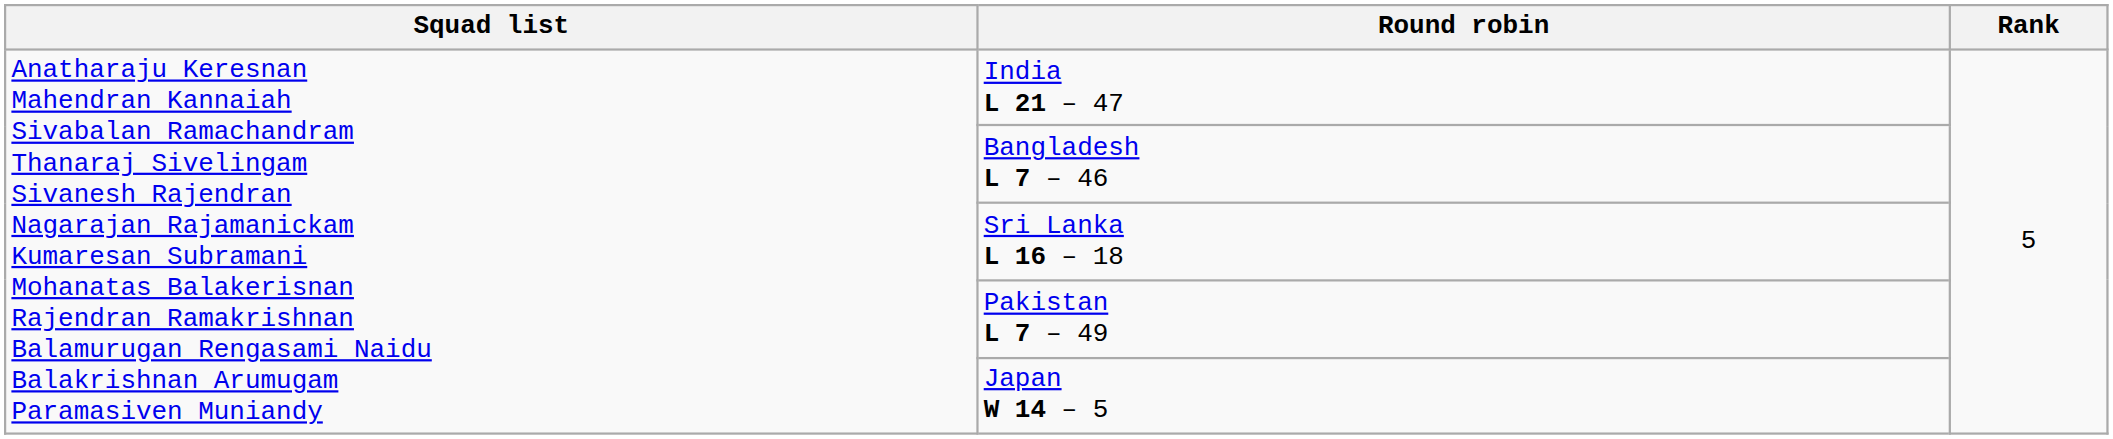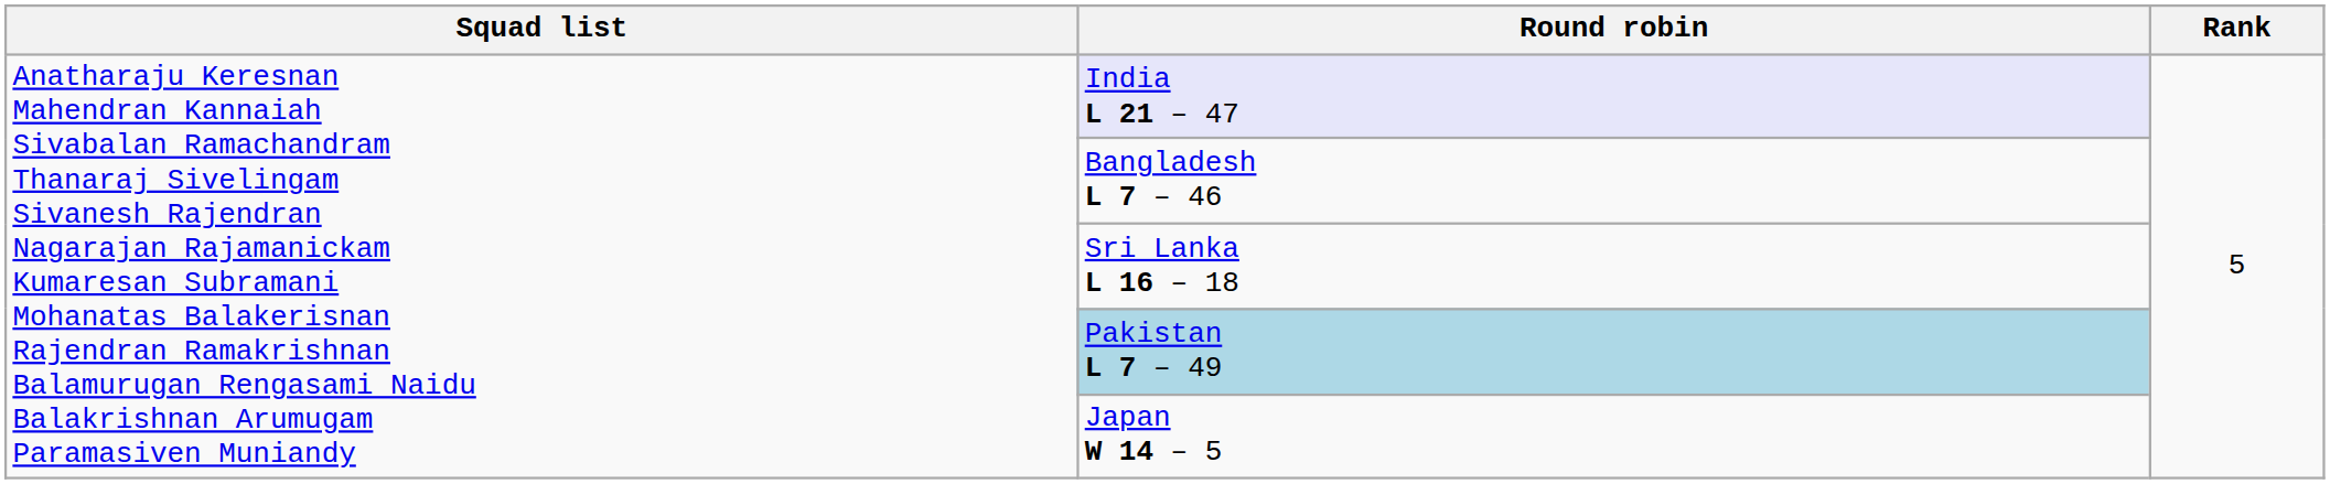 <table class="wikitable" width="75%" style="text-align:center; font-size:90%">
 <tr>
 <th width="20%">Squad list</th>
 <th width="20%">Round robin</th>
 <th width="3%">Rank</th>
 </tr>
 <tr>
 <td rowspan=5 align=left><a href='#'>Anatharaju Keresnan</a><br><a href='#'>Mahendran Kannaiah</a><br><a href='#'>Sivabalan Ramachandram</a><br><a href='#'>Thanaraj Sivelingam</a><br><a href='#'>Sivanesh Rajendran</a><br><a href='#'>Nagarajan Rajamanickam</a><br><a href='#'>Kumaresan Subramani</a><br><a href='#'>Mohanatas Balakerisnan</a><br><a href='#'>Rajendran Ramakrishnan</a><br><a href='#'>Balamurugan Rengasami Naidu</a><br><a href='#'>Balakrishnan Arumugam</a><br><a href='#'>Paramasiven Muniandy</a></td>
-<td align="left"> <a href='#'>India</a><br><strong>L 21</strong> – 47</td>
+<td align="left" style="background: lavender;"> <a href='#'>India</a><br><strong>L 21</strong> – 47</td>
 <td rowspan=5>5</td>
 </tr>
 <tr>
 <td align="left"> <a href='#'>Bangladesh</a><br><strong>L 7</strong> – 46</td>
 </tr>
 <tr>
 <td align="left"> <a href='#'>Sri Lanka</a><br><strong>L 16</strong> – 18</td>
 </tr>
 <tr>
-<td align="left"> <a href='#'>Pakistan</a><br><strong>L 7</strong> – 49</td>
+<td align="left" style="background: lightblue;"> <a href='#'>Pakistan</a><br><strong>L 7</strong> – 49</td>
 </tr>
 <tr>
 <td align="left"> <a href='#'>Japan</a><br><strong>W 14</strong> – 5</td>
 </tr>
 </table>
